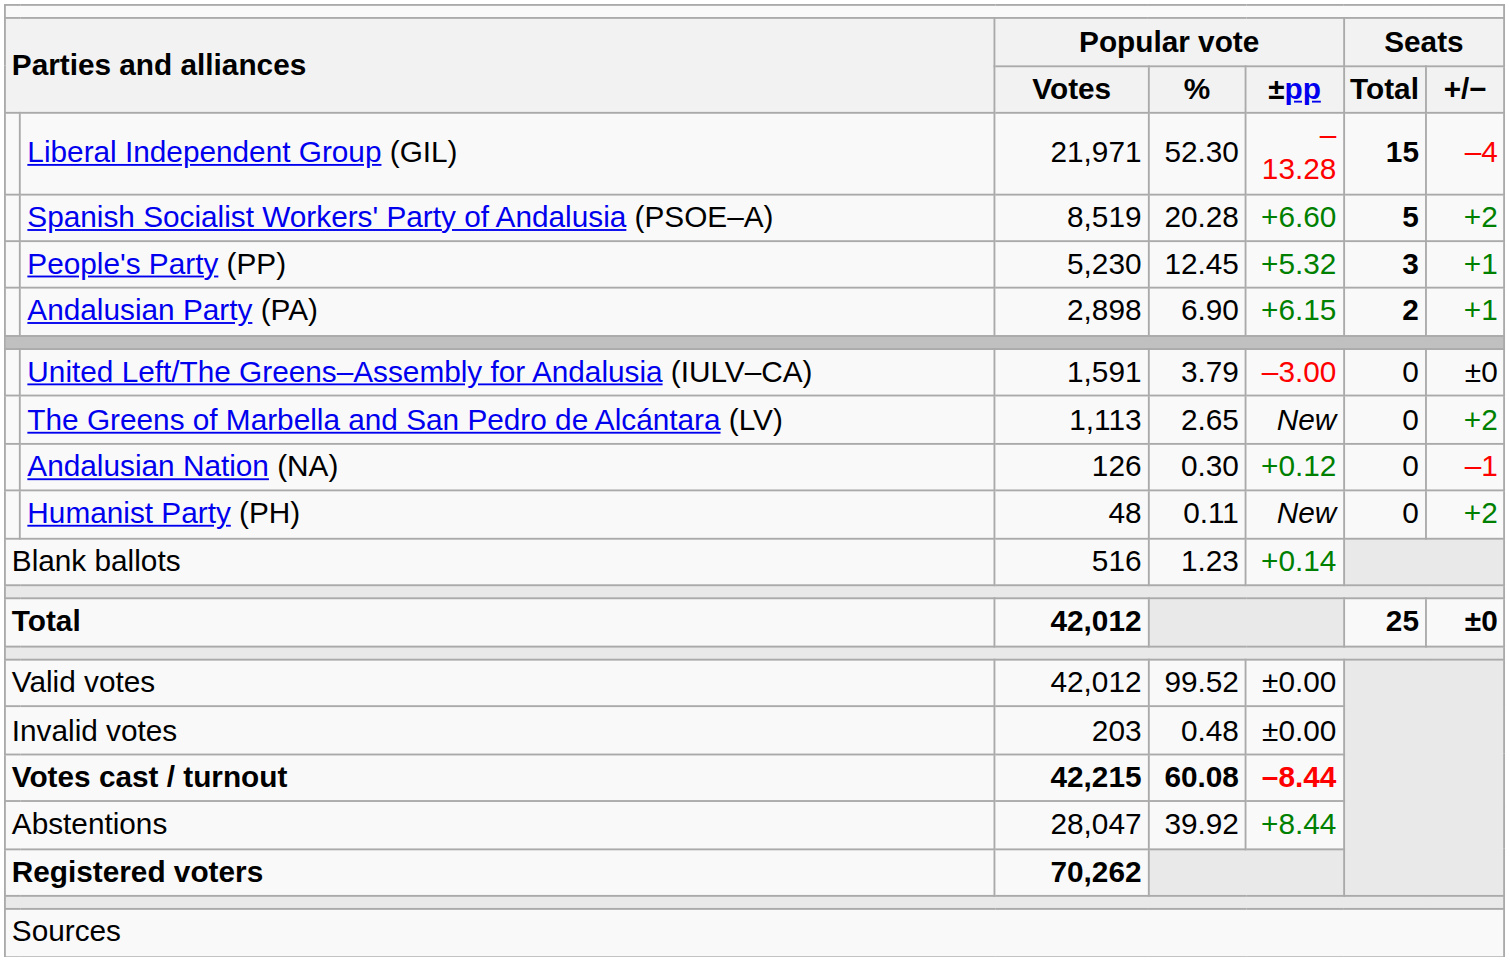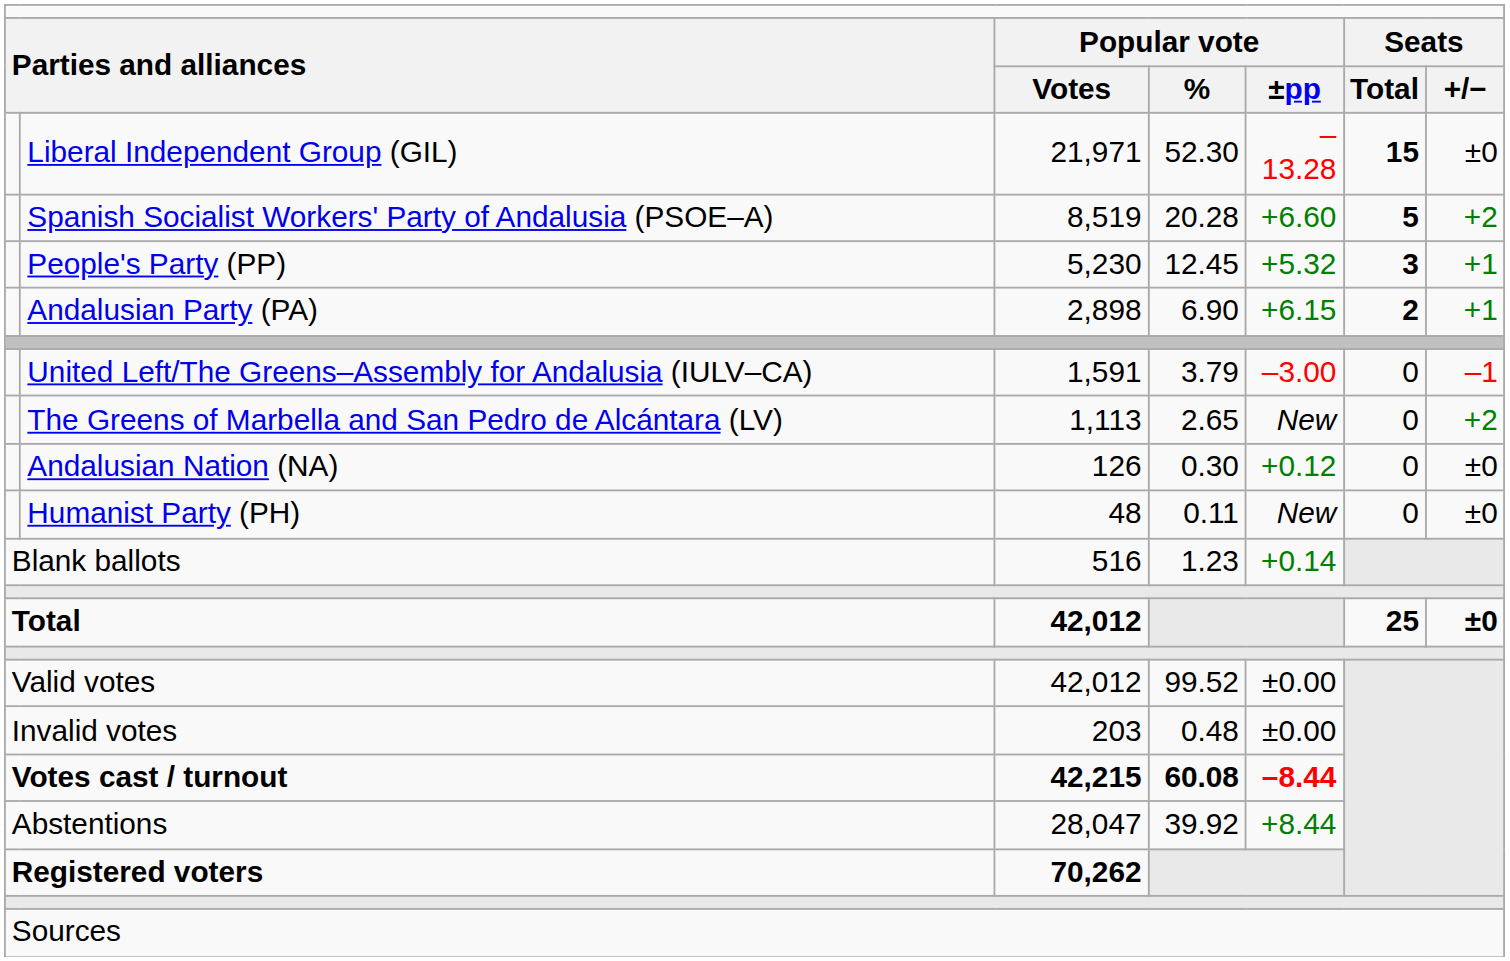 <table class="wikitable" style="text-align:right;">
 <tr>
 <td colspan="7"></td>
 </tr>
 <tr>
 <th style="text-align:left;" rowspan="2" colspan="2" width="525">Parties and alliances</th>
 <th colspan="3">Popular vote</th>
 <th colspan="2">Seats</th>
 </tr>
 <tr>
 <th width="75">Votes</th>
 <th width="45">%</th>
 <th width="45">±<a href='#'>pp</a></th>
 <th width="35">Total</th>
 <th width="35">+/−</th>
 </tr>
 <tr>
 <td width="1" style="color:inherit;background:"></td>
 <td align="left"><a href='#'>Liberal Independent Group</a> (GIL)</td>
 <td>21,971</td>
 <td>52.30</td>
 <td style="color:red;">–13.28</td>
 <td><strong>15</strong></td>
-<td style="color:red;">–4</td>
+<td>±0</td>
 </tr>
 <tr>
 <td style="color:inherit;background:"></td>
 <td align="left"><a href='#'>Spanish Socialist Workers' Party of Andalusia</a> (PSOE–A)</td>
 <td>8,519</td>
 <td>20.28</td>
 <td style="color:green;">+6.60</td>
 <td><strong>5</strong></td>
 <td style="color:green;">+2</td>
 </tr>
 <tr>
 <td style="color:inherit;background:"></td>
 <td align="left"><a href='#'>People's Party</a> (PP)</td>
 <td>5,230</td>
 <td>12.45</td>
 <td style="color:green;">+5.32</td>
 <td><strong>3</strong></td>
 <td style="color:green;">+1</td>
 </tr>
 <tr>
 <td style="color:inherit;background:"></td>
 <td align="left"><a href='#'>Andalusian Party</a> (PA)</td>
 <td>2,898</td>
 <td>6.90</td>
 <td style="color:green;">+6.15</td>
 <td><strong>2</strong></td>
 <td style="color:green;">+1</td>
 </tr>
 <tr>
 <td colspan="7" bgcolor="#C0C0C0"></td>
 </tr>
 <tr>
 <td style="color:inherit;background:"></td>
 <td align="left"><a href='#'>United Left/The Greens–Assembly for Andalusia</a> (IULV–CA)</td>
 <td>1,591</td>
 <td>3.79</td>
 <td style="color:red;">–3.00</td>
 <td>0</td>
-<td>±0</td>
+<td style="color:red;">–1</td>
 </tr>
 <tr>
 <td style="color:inherit;background:"></td>
 <td align="left"><a href='#'>The Greens of Marbella and San Pedro de Alcántara</a> (LV)</td>
 <td>1,113</td>
 <td>2.65</td>
 <td><em>New</em></td>
 <td>0</td>
 <td style="color:green;">+2</td>
 </tr>
 <tr>
 <td style="color:inherit;background:"></td>
 <td align="left"><a href='#'>Andalusian Nation</a> (NA)</td>
 <td>126</td>
 <td>0.30</td>
 <td style="color:green;">+0.12</td>
 <td>0</td>
-<td style="color:red;">–1</td>
+<td>±0</td>
 </tr>
 <tr>
 <td style="color:inherit;background:"></td>
 <td align="left"><a href='#'>Humanist Party</a> (PH)</td>
 <td>48</td>
 <td>0.11</td>
 <td><em>New</em></td>
 <td>0</td>
-<td style="color:green;">+2</td>
+<td>±0</td>
 </tr>
 <tr>
 <td align="left" colspan="2">Blank ballots</td>
 <td>516</td>
 <td>1.23</td>
 <td style="color:green;">+0.14</td>
 <td bgcolor="#E9E9E9" colspan="2"></td>
 </tr>
 <tr>
 <td colspan="7" bgcolor="#E9E9E9"></td>
 </tr>
 <tr style="font-weight:bold;">
 <td align="left" colspan="2">Total</td>
 <td>42,012</td>
 <td bgcolor="#E9E9E9" colspan="2"></td>
 <td>25</td>
 <td>±0</td>
 </tr>
 <tr>
 <td colspan="7" bgcolor="#E9E9E9"></td>
 </tr>
 <tr>
 <td align="left" colspan="2">Valid votes</td>
 <td>42,012</td>
 <td>99.52</td>
 <td>±0.00</td>
 <td bgcolor="#E9E9E9" colspan="2" rowspan="5"></td>
 </tr>
 <tr>
 <td align="left" colspan="2">Invalid votes</td>
 <td>203</td>
 <td>0.48</td>
 <td>±0.00</td>
 </tr>
 <tr style="font-weight:bold;">
 <td align="left" colspan="2">Votes cast / turnout</td>
 <td>42,215</td>
 <td>60.08</td>
 <td style="color:red;">–8.44</td>
 </tr>
 <tr>
 <td align="left" colspan="2">Abstentions</td>
 <td>28,047</td>
 <td>39.92</td>
 <td style="color:green;">+8.44</td>
 </tr>
 <tr style="font-weight:bold;">
 <td align="left" colspan="2">Registered voters</td>
 <td>70,262</td>
 <td bgcolor="#E9E9E9" colspan="2"></td>
 </tr>
 <tr>
 <td colspan="7" bgcolor="#E9E9E9"></td>
 </tr>
 <tr>
 <td align="left" colspan="7">Sources</td>
 </tr>
 </table>
